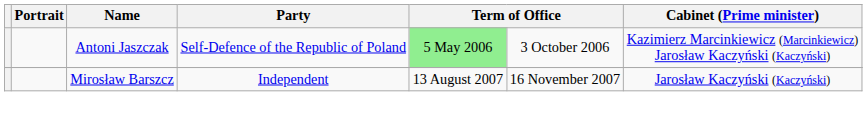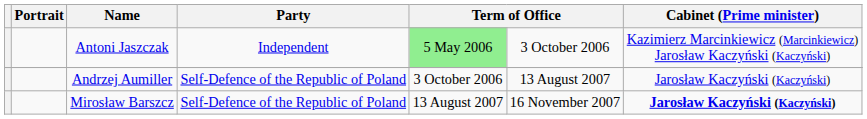 <table class="wikitable" style="border: 1px #aaa solid; font-size: 92%; text-align:center;">
 <tr>
 <th></th>
 <th>Portrait</th>
 <th>Name</th>
 <th>Party</th>
 <th colspan="2">Term of Office</th>
 <th>Cabinet (<a href='#'>Prime minister</a>)</th>
 </tr>
 <tr>
 <th style="background:"></th>
 <td></td>
 <td><a href='#'>Antoni Jaszczak</a></td>
-<td><a href='#'>Self-Defence of the Republic of Poland</a></td>
+<td><a href='#'>Independent</a></td>
 <td style="background: lightgreen;">5 May 2006</td>
 <td>3 October 2006</td>
 <td><a href='#'>Kazimierz Marcinkiewicz</a> <small>(<a href='#'>Marcinkiewicz</a>)</small><br><a href='#'>Jarosław Kaczyński</a> <small>(<a href='#'>Kaczyński</a>)</small></td>
 </tr>
 <tr>
 </tr>
 <tr>
 <th style="background:"></th>
 <td></td>
+<td><a href='#'>Andrzej Aumiller</a></td>
+<td><a href='#'>Self-Defence of the Republic of Poland</a></td>
+<td>3 October 2006</td>
+<td>13 August 2007</td>
+<td><a href='#'>Jarosław Kaczyński</a> <small>(<a href='#'>Kaczyński</a>)</small></td>
+</tr>
+<tr>
+<th style="background:"></th>
+<td></td>
 <td><a href='#'>Mirosław Barszcz</a></td>
-<td><a href='#'>Independent</a></td>
+<td><a href='#'>Self-Defence of the Republic of Poland</a></td>
 <td>13 August 2007</td>
 <td>16 November 2007</td>
-<td><a href='#'>Jarosław Kaczyński</a> <small>(<a href='#'>Kaczyński</a>)</small></td>
+<td><strong><a href='#'>Jarosław Kaczyński</a> <small>(<a href='#'>Kaczyński</a>)</small></strong></td>
 </tr>
 </table>
